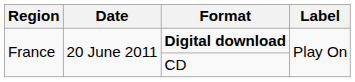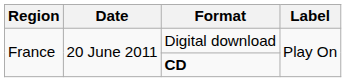 <table class=wikitable>
 <tr>
 <th>Region</th>
 <th>Date</th>
 <th>Format</th>
 <th>Label</th>
 </tr>
 <tr>
 <td rowspan="2">France</td>
 <td rowspan="2">20 June 2011</td>
-<td><strong>Digital download</strong></td>
+<td>Digital download</td>
 <td rowspan="2">Play On</td>
 </tr>
 <tr>
-<td>CD</td>
+<td><strong>CD</strong></td>
 </tr>
 </table>
